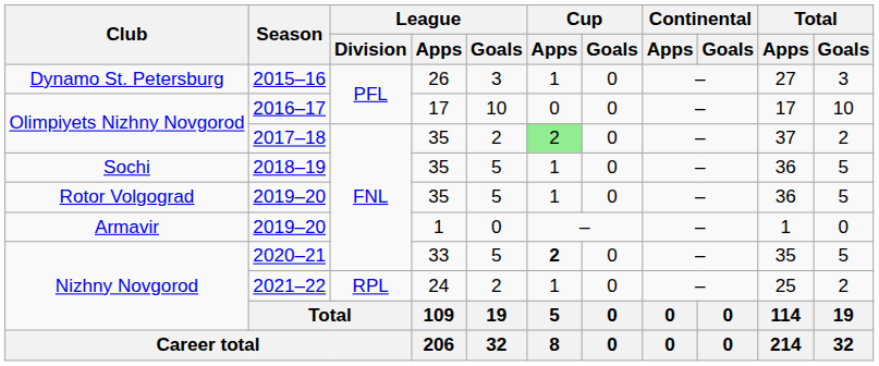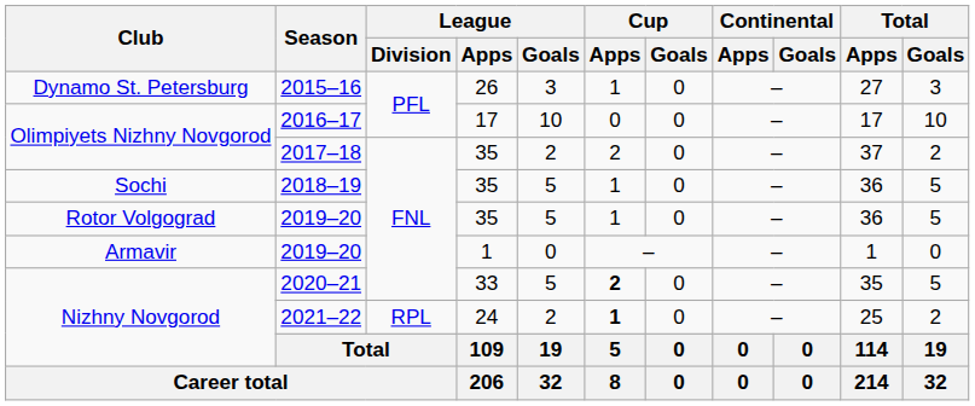 <table class="wikitable" style="text-align: center;">
 <tr>
 <th rowspan=2>Club</th>
 <th rowspan=2>Season</th>
 <th colspan=3>League</th>
 <th colspan=2>Cup</th>
 <th colspan=2>Continental</th>
 <th colspan=2>Total</th>
 </tr>
 <tr>
 <th>Division</th>
 <th>Apps</th>
 <th>Goals</th>
 <th>Apps</th>
 <th>Goals</th>
 <th>Apps</th>
 <th>Goals</th>
 <th>Apps</th>
 <th>Goals</th>
 </tr>
 <tr>
 <td><a href='#'>Dynamo St. Petersburg</a></td>
 <td><a href='#'>2015–16</a></td>
 <td rowspan="2"><a href='#'>PFL</a></td>
 <td>26</td>
 <td>3</td>
 <td>1</td>
 <td>0</td>
 <td colspan=2>–</td>
 <td>27</td>
 <td>3</td>
 </tr>
 <tr>
 <td rowspan="2"><a href='#'>Olimpiyets Nizhny Novgorod</a></td>
 <td><a href='#'>2016–17</a></td>
 <td>17</td>
 <td>10</td>
 <td>0</td>
 <td>0</td>
 <td colspan=2>–</td>
 <td>17</td>
 <td>10</td>
 </tr>
 <tr>
 <td><a href='#'>2017–18</a></td>
 <td rowspan="5"><a href='#'>FNL</a></td>
 <td>35</td>
 <td>2</td>
-<td style="background: lightgreen;">2</td>
+<td>2</td>
 <td>0</td>
 <td colspan=2>–</td>
 <td>37</td>
 <td>2</td>
 </tr>
 <tr>
 <td><a href='#'>Sochi</a></td>
 <td><a href='#'>2018–19</a></td>
 <td>35</td>
 <td>5</td>
 <td>1</td>
 <td>0</td>
 <td colspan=2>–</td>
 <td>36</td>
 <td>5</td>
 </tr>
 <tr>
 <td><a href='#'>Rotor Volgograd</a></td>
 <td><a href='#'>2019–20</a></td>
 <td>35</td>
 <td>5</td>
 <td>1</td>
 <td>0</td>
 <td colspan=2>–</td>
 <td>36</td>
 <td>5</td>
 </tr>
 <tr>
 <td><a href='#'>Armavir</a></td>
 <td><a href='#'>2019–20</a></td>
 <td>1</td>
 <td>0</td>
 <td colspan=2>–</td>
 <td colspan=2>–</td>
 <td>1</td>
 <td>0</td>
 </tr>
 <tr>
 <td rowspan="3"><a href='#'>Nizhny Novgorod</a></td>
 <td><a href='#'>2020–21</a></td>
 <td>33</td>
 <td>5</td>
 <td><strong>2</strong></td>
 <td>0</td>
 <td colspan=2>–</td>
 <td>35</td>
 <td>5</td>
 </tr>
 <tr>
 <td><a href='#'>2021–22</a></td>
 <td><a href='#'>RPL</a></td>
 <td>24</td>
 <td>2</td>
-<td>1</td>
+<td><strong>1</strong></td>
 <td>0</td>
 <td colspan=2>–</td>
 <td>25</td>
 <td>2</td>
 </tr>
 <tr>
 <th colspan=2>Total</th>
 <th>109</th>
 <th>19</th>
 <th>5</th>
 <th>0</th>
 <th>0</th>
 <th>0</th>
 <th>114</th>
 <th>19</th>
 </tr>
 <tr>
 <th colspan=3>Career total</th>
 <th>206</th>
 <th>32</th>
 <th>8</th>
 <th>0</th>
 <th>0</th>
 <th>0</th>
 <th>214</th>
 <th>32</th>
 </tr>
 </table>
